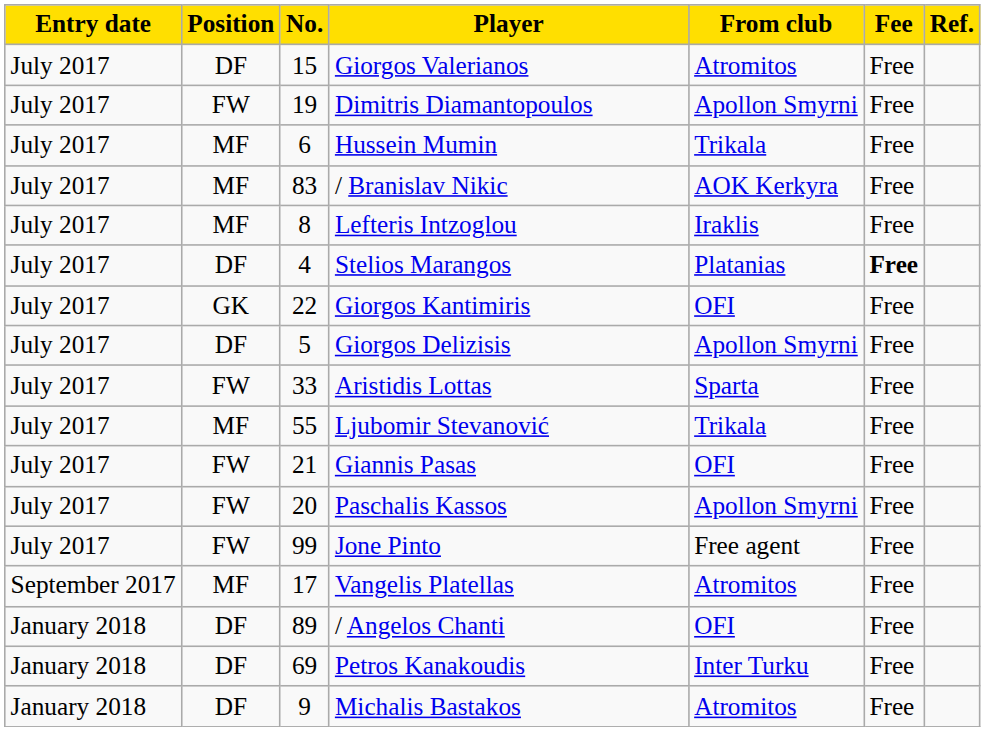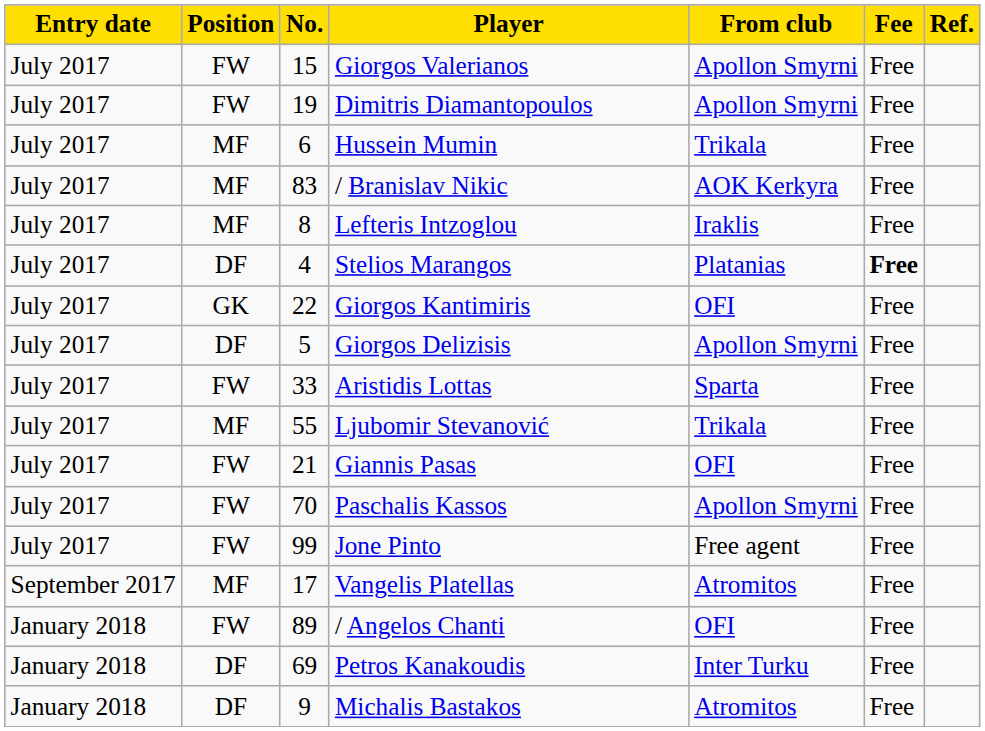 <table class="wikitable sortable">
 <tr>
 <th style="background:#FFDF00; color:black;"><strong>Entry date</strong></th>
 <th style="background:#FFDF00; color:black;"><strong>Position</strong></th>
 <th style="background:#FFDF00; color:black;"><strong>No.</strong></th>
 <th style="background:#FFDF00; color:black;"; width=220><strong>Player</strong></th>
 <th style="background:#FFDF00; color:black;"><strong>From club</strong></th>
 <th style="background:#FFDF00; color:black;"><strong>Fee</strong></th>
 <th style="background:#FFDF00; color:black;"><strong>Ref.</strong></th>
 </tr>
 <tr>
 <td>July 2017</td>
-<td style="text-align:center;">DF</td>
+<td style="text-align:center;">FW</td>
 <td style="text-align:center;">15</td>
 <td style="text=align:left;"> <a href='#'>Giorgos Valerianos</a></td>
-<td style="text=align:left;"> <a href='#'>Atromitos</a></td>
+<td style="text=align:left;"> <a href='#'>Apollon Smyrni</a></td>
 <td>Free</td>
 <td></td>
 </tr>
 <tr>
 <td>July 2017</td>
 <td style="text-align:center;">FW</td>
 <td style="text-align:center;">19</td>
 <td style="text=align:left;"> <a href='#'>Dimitris Diamantopoulos</a></td>
 <td style="text=align:left;"> <a href='#'>Apollon Smyrni</a></td>
 <td>Free</td>
 <td></td>
 </tr>
 <tr>
 <td>July 2017</td>
 <td style="text-align:center;">MF</td>
 <td style="text-align:center;">6</td>
 <td style="text=align:left;"> <a href='#'>Hussein Mumin</a></td>
 <td style="text=align:left;"> <a href='#'>Trikala</a></td>
 <td>Free</td>
 <td></td>
 </tr>
 <tr>
 <td>July 2017</td>
 <td style="text-align:center;">MF</td>
 <td style="text-align:center;">83</td>
 <td style="text-align:left;"> /  <a href='#'>Branislav Nikic</a></td>
 <td style="text-align:left;"> <a href='#'>AOK Kerkyra</a></td>
 <td>Free</td>
 <td></td>
 </tr>
 <tr>
 <td>July 2017</td>
 <td style="text-align:center;">MF</td>
 <td style="text-align:center;">8</td>
 <td style="text=align:left;"> <a href='#'>Lefteris Intzoglou</a></td>
 <td style="text-align:left;"> <a href='#'>Iraklis</a></td>
 <td>Free</td>
 <td></td>
 </tr>
 <tr>
 <td>July 2017</td>
 <td style="text-align:center;">DF</td>
 <td style="text-align:center;">4</td>
 <td style="text=align:left;"> <a href='#'>Stelios Marangos</a></td>
 <td style="text=align:left;"> <a href='#'>Platanias</a></td>
 <td><strong>Free</strong></td>
 <td></td>
 </tr>
 <tr>
 <td>July 2017</td>
 <td style="text-align:center;">GK</td>
 <td style="text-align:center;">22</td>
 <td style="text=align:left;"> <a href='#'>Giorgos Kantimiris</a></td>
 <td style="text=align:left;"> <a href='#'>OFI</a></td>
 <td>Free</td>
 <td></td>
 </tr>
 <tr>
 <td>July 2017</td>
 <td style="text-align:center;">DF</td>
 <td style="text-align:center;">5</td>
 <td style="text=align:left;"> <a href='#'>Giorgos Delizisis</a></td>
 <td style="text=align:left;"> <a href='#'>Apollon Smyrni</a></td>
 <td>Free</td>
 <td></td>
 </tr>
 <tr>
 <td>July 2017</td>
 <td style="text-align:center;">FW</td>
 <td style="text-align:center;">33</td>
 <td style="text=align:left;"> <a href='#'>Aristidis Lottas</a></td>
 <td style="text=align:left;"> <a href='#'>Sparta</a></td>
 <td>Free</td>
 <td></td>
 </tr>
 <tr>
 <td>July 2017</td>
 <td style="text-align:center;">MF</td>
 <td style="text-align:center;">55</td>
 <td style="text=align:left;"> <a href='#'>Ljubomir Stevanović</a></td>
 <td style="text-align:left;"> <a href='#'>Trikala</a></td>
 <td>Free</td>
 <td></td>
 </tr>
 <tr>
 <td>July 2017</td>
 <td style="text-align:center;">FW</td>
 <td style="text-align:center;">21</td>
 <td style="text=align:left;"> <a href='#'>Giannis Pasas</a></td>
 <td style="text=align:left;"> <a href='#'>OFI</a></td>
 <td>Free</td>
 <td></td>
 </tr>
 <tr>
 <td>July 2017</td>
 <td style="text-align:center;">FW</td>
-<td style="text-align:center;">20</td>
+<td style="text-align:center;">70</td>
 <td style="text=align:left;"> <a href='#'>Paschalis Kassos</a></td>
 <td style="text-align:left;"> <a href='#'>Apollon Smyrni</a></td>
 <td>Free</td>
 <td></td>
 </tr>
 <tr>
 <td>July 2017</td>
 <td style="text-align:center;">FW</td>
 <td style="text-align:center;">99</td>
 <td style="text=align:left;"> <a href='#'>Jone Pinto</a></td>
 <td>Free agent</td>
 <td>Free</td>
 <td></td>
 </tr>
 <tr>
 <td>September 2017</td>
 <td style="text-align:center;">MF</td>
 <td style="text-align:center;">17</td>
 <td style="text=align:left;"> <a href='#'>Vangelis Platellas</a></td>
 <td style="text=align:left;"> <a href='#'>Atromitos</a></td>
 <td>Free</td>
 <td></td>
 </tr>
 <tr>
 <td>January 2018</td>
-<td style="text-align:center;">DF</td>
+<td style="text-align:center;">FW</td>
 <td style="text-align:center;">89</td>
 <td style="text=align:left;"> /  <a href='#'>Angelos Chanti</a></td>
 <td style="text=align:left;"> <a href='#'>OFI</a></td>
 <td>Free</td>
 <td></td>
 </tr>
 <tr>
 <td>January 2018</td>
 <td style="text-align:center;">DF</td>
 <td style="text-align:center;">69</td>
 <td style="text=align:left;"> <a href='#'>Petros Kanakoudis</a></td>
 <td style="text=align:left;"> <a href='#'>Inter Turku</a></td>
 <td>Free</td>
 <td></td>
 </tr>
 <tr>
 <td>January 2018</td>
 <td style="text-align:center;">DF</td>
 <td style="text-align:center;">9</td>
 <td style="text=align:left;"> <a href='#'>Michalis Bastakos</a></td>
 <td style="text=align:left;"> <a href='#'>Atromitos</a></td>
 <td>Free</td>
 <td></td>
 </tr>
 </table>
